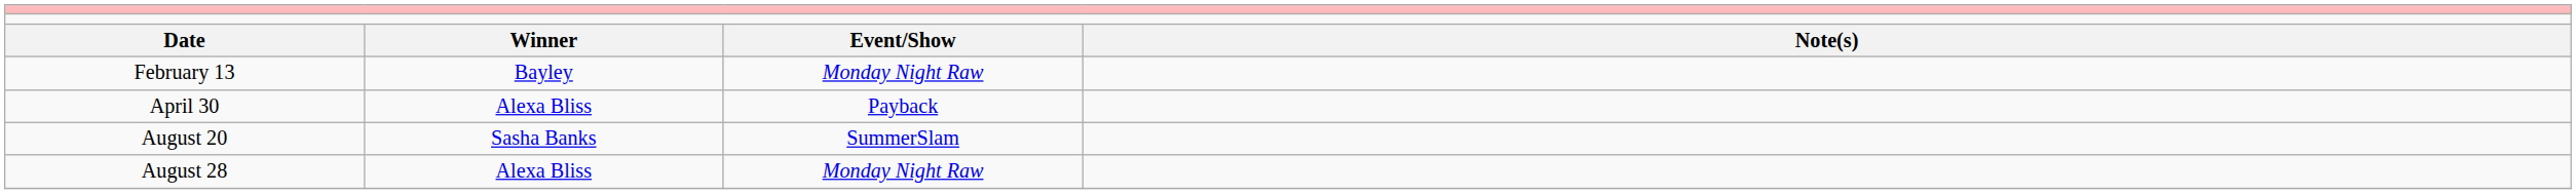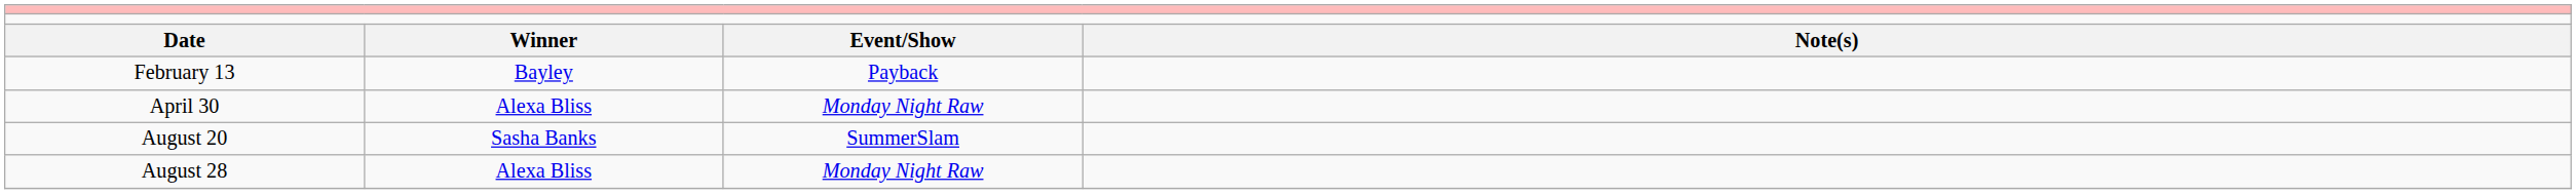 <table class="wikitable" style="text-align:center; width:100%;">
 <tr style="background:#FBB;">
 <td colspan="5"></td>
 </tr>
 <tr>
 <td colspan="5"><strong></strong></td>
 </tr>
 <tr>
 <th width=14%>Date</th>
 <th width=14%>Winner</th>
 <th width=14%>Event/Show</th>
 <th width=58%>Note(s)</th>
 </tr>
 <tr>
 <td>February 13</td>
 <td><a href='#'>Bayley</a></td>
-<td><em><a href='#'>Monday Night Raw</a></em></td>
+<td><a href='#'>Payback</a></td>
 <td align=left></td>
 </tr>
 <tr>
 <td>April 30</td>
 <td><a href='#'>Alexa Bliss</a></td>
-<td><a href='#'>Payback</a></td>
+<td><em><a href='#'>Monday Night Raw</a></em></td>
 <td align=left></td>
 </tr>
 <tr>
 <td>August 20</td>
 <td><a href='#'>Sasha Banks</a></td>
 <td><a href='#'>SummerSlam</a></td>
 <td align=left></td>
 </tr>
 <tr>
 <td>August 28</td>
 <td><a href='#'>Alexa Bliss</a></td>
 <td><em><a href='#'>Monday Night Raw</a></em></td>
 <td align=left></td>
 </tr>
 <tr>
 </tr>
 </table>
